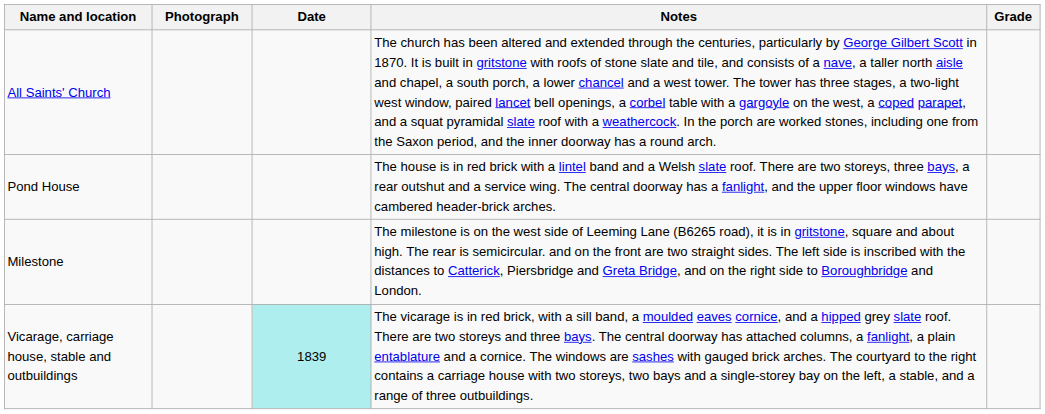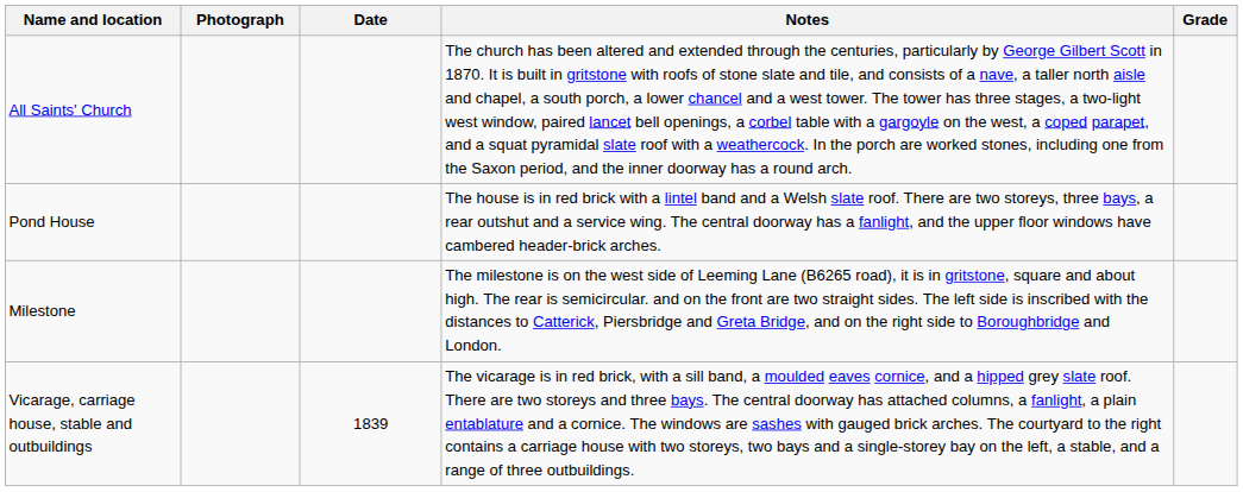 <table class="wikitable sortable plainrowheaders" style="width:100%; border:0px; text-align:left; line-height:150%">
 <tr>
 <th scope="col" style="width:150px">Name and location</th>
 <th scope="col" style="width:100px" class="unsortable">Photograph</th>
 <th scope="col" style="width:120px">Date</th>
 <th scope="col" style="width:650px" class="unsortable">Notes</th>
 <th scope="col" style="width:50px">Grade</th>
 </tr>
 <tr>
 <td><a href='#'>All Saints' Church</a><br><small></small></td>
 <td></td>
 <td align="center"></td>
 <td>The church has been altered and extended through the centuries, particularly by <a href='#'>George Gilbert Scott</a> in 1870. It is built in <a href='#'>gritstone</a> with roofs of stone slate and tile, and consists of a <a href='#'>nave</a>, a taller north <a href='#'>aisle</a> and chapel, a south porch, a lower <a href='#'>chancel</a> and a west tower. The tower has three stages, a two-light west window, paired <a href='#'>lancet</a> bell openings, a <a href='#'>corbel</a> table with a <a href='#'>gargoyle</a> on the west, a <a href='#'>coped</a> <a href='#'>parapet</a>, and a squat pyramidal <a href='#'>slate</a> roof with a <a href='#'>weathercock</a>. In the porch are worked stones, including one from the Saxon period, and the inner doorway has a round arch.</td>
 <td align="center" ></td>
 </tr>
 <tr>
 <td>Pond House<br><small></small></td>
 <td></td>
 <td align="center"></td>
 <td>The house is in red brick with a <a href='#'>lintel</a> band and a Welsh <a href='#'>slate</a> roof. There are two storeys, three <a href='#'>bays</a>, a rear outshut and a service wing. The central doorway has a <a href='#'>fanlight</a>, and the upper floor windows have cambered header-brick arches.</td>
 <td align="center" ></td>
 </tr>
 <tr>
 <td>Milestone<br><small></small></td>
 <td></td>
 <td align="center"></td>
 <td>The milestone is on the west side of Leeming Lane (B6265 road), it is in <a href='#'>gritstone</a>, square and about  high. The rear is semicircular. and on the front are two straight sides. The left side is inscribed with the distances to <a href='#'>Catterick</a>, Piersbridge and <a href='#'>Greta Bridge</a>, and on the right side to <a href='#'>Boroughbridge</a> and London.</td>
 <td align="center" ></td>
 </tr>
 <tr>
 <td>Vicarage, carriage house, stable and outbuildings<br><small></small></td>
 <td></td>
-<td align="center" style="background: paleturquoise;">1839</td>
+<td align="center">1839</td>
 <td>The vicarage is in red brick, with a sill band, a <a href='#'>moulded</a> <a href='#'>eaves</a> <a href='#'>cornice</a>, and a <a href='#'>hipped</a> grey <a href='#'>slate</a> roof.  There are two storeys and three <a href='#'>bays</a>.  The central doorway has attached columns, a <a href='#'>fanlight</a>, a plain <a href='#'>entablature</a> and a cornice. The windows are <a href='#'>sashes</a> with gauged brick arches. The courtyard to the right contains a carriage house with two storeys, two bays and a single-storey bay on the left, a stable, and a range of three outbuildings.</td>
 <td align="center" ></td>
 </tr>
 <tr>
 </tr>
 </table>
